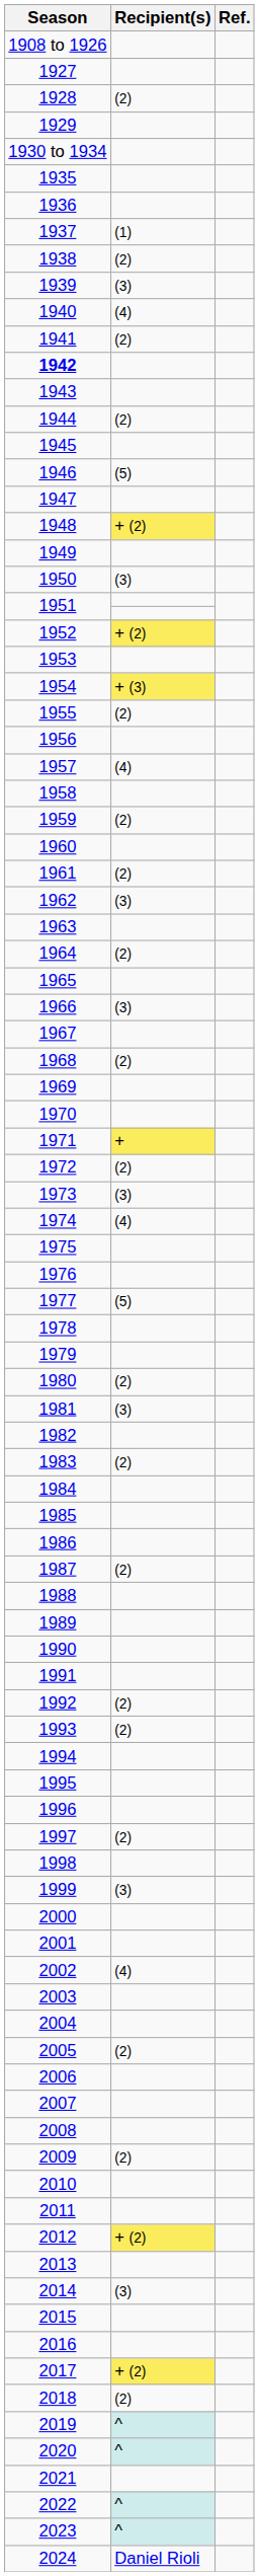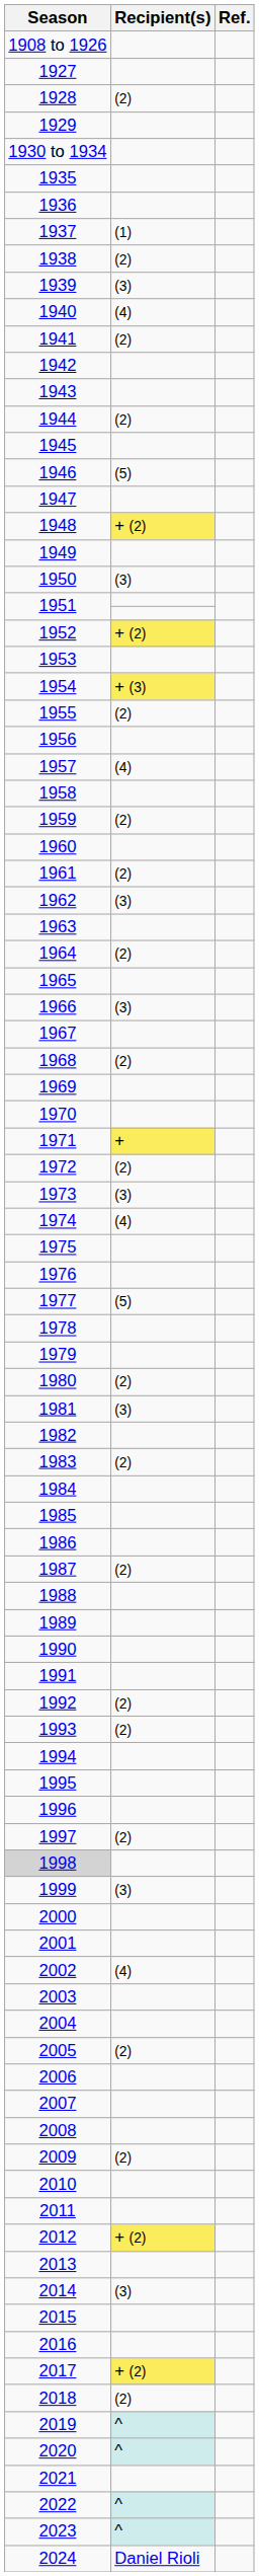 <table class="wikitable sortable" style="text-align:center">
 <tr>
 <th>Season</th>
 <th>Recipient(s)</th>
 <th class=unsortable>Ref.</th>
 </tr>
 <tr>
 <td><a href='#'>1908</a> to <a href='#'>1926</a></td>
 <td></td>
 <td></td>
 </tr>
 <tr>
 <td><a href='#'>1927</a></td>
 <td align=left></td>
 <td></td>
 </tr>
 <tr>
 <td><a href='#'>1928</a></td>
 <td align=left> <small>(2)</small></td>
 <td></td>
 </tr>
 <tr>
 <td><a href='#'>1929</a></td>
 <td align=left></td>
 <td></td>
 </tr>
 <tr>
 <td><a href='#'>1930</a> to  <a href='#'>1934</a></td>
 <td></td>
 <td></td>
 </tr>
 <tr>
 <td><a href='#'>1935</a></td>
 <td align=left></td>
 <td></td>
 </tr>
 <tr>
 <td><a href='#'>1936</a></td>
 <td></td>
 <td></td>
 </tr>
 <tr>
 <td><a href='#'>1937</a></td>
 <td align=left> <small>(1)</small></td>
 <td></td>
 </tr>
 <tr>
 <td><a href='#'>1938</a></td>
 <td align=left> <small>(2)</small></td>
 <td></td>
 </tr>
 <tr>
 <td><a href='#'>1939</a></td>
 <td align=left> <small>(3)</small></td>
 <td></td>
 </tr>
 <tr>
 <td><a href='#'>1940</a></td>
 <td align=left> <small>(4)</small></td>
 <td></td>
 </tr>
 <tr>
 <td><a href='#'>1941</a></td>
 <td align=left> <small>(2)</small></td>
 <td></td>
 </tr>
 <tr>
-<td><strong><a href='#'>1942</a></strong></td>
+<td><a href='#'>1942</a></td>
 <td align=left></td>
 <td></td>
 </tr>
 <tr>
 <td><a href='#'>1943</a></td>
 <td align=left></td>
 <td></td>
 </tr>
 <tr>
 <td><a href='#'>1944</a></td>
 <td align=left> <small>(2)</small></td>
 <td></td>
 </tr>
 <tr>
 <td><a href='#'>1945</a></td>
 <td align=left></td>
 <td></td>
 </tr>
 <tr>
 <td><a href='#'>1946</a></td>
 <td align=left> <small>(5)</small></td>
 <td></td>
 </tr>
 <tr>
 <td><a href='#'>1947</a></td>
 <td align=left></td>
 <td></td>
 </tr>
 <tr>
 <td><a href='#'>1948</a></td>
 <td align=left bgcolor="#fbec5d">+ <small>(2)</small></td>
 <td></td>
 </tr>
 <tr>
 <td><a href='#'>1949</a></td>
 <td align=left></td>
 <td></td>
 </tr>
 <tr>
 <td><a href='#'>1950</a></td>
 <td align=left> <small>(3)</small></td>
 <td></td>
 </tr>
 <tr>
 <td rowspan=2><a href='#'>1951</a></td>
 <td align=left></td>
 <td rowspan=2></td>
 </tr>
 <tr>
 <td align=left></td>
 </tr>
 <tr>
 <td><a href='#'>1952</a></td>
 <td align=left align=left bgcolor="#fbec5d">+ <small>(2)</small></td>
 <td></td>
 </tr>
 <tr>
 <td><a href='#'>1953</a></td>
 <td align=left></td>
 <td></td>
 </tr>
 <tr>
 <td><a href='#'>1954</a></td>
 <td align=left bgcolor="#fbec5d">+ <small>(3)</small></td>
 <td></td>
 </tr>
 <tr>
 <td><a href='#'>1955</a></td>
 <td align=left> <small>(2)</small></td>
 <td></td>
 </tr>
 <tr>
 <td><a href='#'>1956</a></td>
 <td align=left></td>
 <td></td>
 </tr>
 <tr>
 <td><a href='#'>1957</a></td>
 <td align=left> <small>(4)</small></td>
 <td></td>
 </tr>
 <tr>
 <td><a href='#'>1958</a></td>
 <td align=left></td>
 <td></td>
 </tr>
 <tr>
 <td><a href='#'>1959</a></td>
 <td align=left> <small>(2)</small></td>
 <td></td>
 </tr>
 <tr>
 <td><a href='#'>1960</a></td>
 <td align=left></td>
 <td></td>
 </tr>
 <tr>
 <td><a href='#'>1961</a></td>
 <td align=left> <small>(2)</small></td>
 <td></td>
 </tr>
 <tr>
 <td><a href='#'>1962</a></td>
 <td align=left> <small>(3)</small></td>
 <td></td>
 </tr>
 <tr>
 <td><a href='#'>1963</a></td>
 <td align=left></td>
 <td></td>
 </tr>
 <tr>
 <td><a href='#'>1964</a></td>
 <td align=left> <small>(2)</small></td>
 <td></td>
 </tr>
 <tr>
 <td><a href='#'>1965</a></td>
 <td align=left></td>
 <td></td>
 </tr>
 <tr>
 <td><a href='#'>1966</a></td>
 <td align=left> <small>(3)</small></td>
 <td></td>
 </tr>
 <tr>
 <td><a href='#'>1967</a></td>
 <td align=left></td>
 <td></td>
 </tr>
 <tr>
 <td><a href='#'>1968</a></td>
 <td align=left> <small>(2)</small></td>
 <td></td>
 </tr>
 <tr>
 <td><a href='#'>1969</a></td>
 <td align=left></td>
 <td></td>
 </tr>
 <tr>
 <td><a href='#'>1970</a></td>
 <td align=left></td>
 <td></td>
 </tr>
 <tr>
 <td><a href='#'>1971</a></td>
 <td align=left bgcolor="#fbec5d">+</td>
 <td></td>
 </tr>
 <tr>
 <td><a href='#'>1972</a></td>
 <td align=left> <small>(2)</small></td>
 <td></td>
 </tr>
 <tr>
 <td><a href='#'>1973</a></td>
 <td align=left> <small>(3)</small></td>
 <td></td>
 </tr>
 <tr>
 <td><a href='#'>1974</a></td>
 <td align=left> <small>(4)</small></td>
 <td></td>
 </tr>
 <tr>
 <td><a href='#'>1975</a></td>
 <td align=left></td>
 <td></td>
 </tr>
 <tr>
 <td><a href='#'>1976</a></td>
 <td align=left></td>
 <td></td>
 </tr>
 <tr>
 <td><a href='#'>1977</a></td>
 <td align=left> <small>(5)</small></td>
 <td></td>
 </tr>
 <tr>
 <td><a href='#'>1978</a></td>
 <td align=left></td>
 <td></td>
 </tr>
 <tr>
 <td><a href='#'>1979</a></td>
 <td align=left></td>
 <td></td>
 </tr>
 <tr>
 <td><a href='#'>1980</a></td>
 <td align=left> <small>(2)</small></td>
 <td></td>
 </tr>
 <tr>
 <td><a href='#'>1981</a></td>
 <td align=left> <small>(3)</small></td>
 <td></td>
 </tr>
 <tr>
 <td><a href='#'>1982</a></td>
 <td align=left></td>
 <td></td>
 </tr>
 <tr>
 <td><a href='#'>1983</a></td>
 <td align=left> <small>(2)</small></td>
 <td></td>
 </tr>
 <tr>
 <td><a href='#'>1984</a></td>
 <td align=left></td>
 <td></td>
 </tr>
 <tr>
 <td><a href='#'>1985</a></td>
 <td align=left></td>
 <td></td>
 </tr>
 <tr>
 <td><a href='#'>1986</a></td>
 <td align=left></td>
 <td></td>
 </tr>
 <tr>
 <td><a href='#'>1987</a></td>
 <td align=left> <small>(2)</small></td>
 <td></td>
 </tr>
 <tr>
 <td><a href='#'>1988</a></td>
 <td align=left></td>
 <td></td>
 </tr>
 <tr>
 <td><a href='#'>1989</a></td>
 <td align=left></td>
 <td></td>
 </tr>
 <tr>
 <td><a href='#'>1990</a></td>
 <td align=left></td>
 <td></td>
 </tr>
 <tr>
 <td><a href='#'>1991</a></td>
 <td align=left></td>
 <td></td>
 </tr>
 <tr>
 <td><a href='#'>1992</a></td>
 <td align=left> <small>(2)</small></td>
 <td></td>
 </tr>
 <tr>
 <td><a href='#'>1993</a></td>
 <td align=left> <small>(2)</small></td>
 <td></td>
 </tr>
 <tr>
 <td><a href='#'>1994</a></td>
 <td align=left></td>
 <td></td>
 </tr>
 <tr>
 <td><a href='#'>1995</a></td>
 <td align=left></td>
 <td></td>
 </tr>
 <tr>
 <td><a href='#'>1996</a></td>
 <td align=left></td>
 <td></td>
 </tr>
 <tr>
 <td><a href='#'>1997</a></td>
 <td align=left> <small>(2)</small></td>
 <td></td>
 </tr>
 <tr>
-<td><a href='#'>1998</a></td>
+<td style="background: lightgrey;"><a href='#'>1998</a></td>
 <td align=left></td>
 <td></td>
 </tr>
 <tr>
 <td><a href='#'>1999</a></td>
 <td align=left> <small>(3)</small></td>
 <td></td>
 </tr>
 <tr>
 <td><a href='#'>2000</a></td>
 <td align=left></td>
 <td></td>
 </tr>
 <tr>
 <td><a href='#'>2001</a></td>
 <td align=left></td>
 <td></td>
 </tr>
 <tr>
 <td><a href='#'>2002</a></td>
 <td align=left> <small>(4)</small></td>
 <td></td>
 </tr>
 <tr>
 <td><a href='#'>2003</a></td>
 <td align=left></td>
 <td></td>
 </tr>
 <tr>
 <td><a href='#'>2004</a></td>
 <td align=left></td>
 <td></td>
 </tr>
 <tr>
 <td><a href='#'>2005</a></td>
 <td align=left> <small>(2)</small></td>
 <td></td>
 </tr>
 <tr>
 <td><a href='#'>2006</a></td>
 <td align=left></td>
 <td></td>
 </tr>
 <tr>
 <td><a href='#'>2007</a></td>
 <td align=left></td>
 <td></td>
 </tr>
 <tr>
 <td><a href='#'>2008</a></td>
 <td align=left></td>
 <td></td>
 </tr>
 <tr>
 <td><a href='#'>2009</a></td>
 <td align=left> <small>(2)</small></td>
 <td></td>
 </tr>
 <tr>
 <td><a href='#'>2010</a></td>
 <td align=left></td>
 <td></td>
 </tr>
 <tr>
 <td><a href='#'>2011</a></td>
 <td align=left></td>
 <td></td>
 </tr>
 <tr>
 <td><a href='#'>2012</a></td>
 <td style="text-align:left; background:#fbec5d;">+ <small>(2)</small></td>
 <td></td>
 </tr>
 <tr>
 <td><a href='#'>2013</a></td>
 <td align=left></td>
 <td></td>
 </tr>
 <tr>
 <td><a href='#'>2014</a></td>
 <td align=left> <small>(3)</small></td>
 <td></td>
 </tr>
 <tr>
 <td><a href='#'>2015</a></td>
 <td align=left></td>
 <td></td>
 </tr>
 <tr>
 <td><a href='#'>2016</a></td>
 <td align=left></td>
 <td></td>
 </tr>
 <tr>
 <td><a href='#'>2017</a></td>
 <td style="text-align:left; background:#fbec5d;">+ <small>(2)</small></td>
 <td></td>
 </tr>
 <tr>
 <td><a href='#'>2018</a></td>
 <td style="text-align:left;"> <small>(2)</small></td>
 <td></td>
 </tr>
 <tr>
 <td><a href='#'>2019</a></td>
 <td style="text-align:left; background:#cfecec;">^</td>
 <td></td>
 </tr>
 <tr>
 <td><a href='#'>2020</a></td>
 <td style="text-align:left; background:#cfecec;">^</td>
 <td></td>
 </tr>
 <tr>
 <td><a href='#'>2021</a></td>
 <td style="text-align:left;"></td>
 <td></td>
 </tr>
 <tr>
 <td><a href='#'>2022</a></td>
 <td style="text-align:left; background:#cfecec;">^</td>
 <td></td>
 </tr>
 <tr>
 <td><a href='#'>2023</a></td>
 <td style="text-align:left; background:#cfecec;">^</td>
 <td></td>
 </tr>
 <tr>
 <td><a href='#'>2024</a></td>
 <td style="text-align:left;"><a href='#'>Daniel Rioli</a></td>
 <td></td>
 </tr>
 </table>
